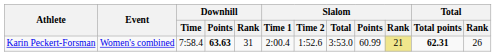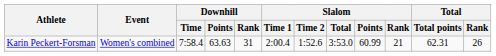 <table class="wikitable" style="font-size:90%">
 <tr>
 <th rowspan="2">Athlete</th>
 <th rowspan="2">Event</th>
 <th colspan="3">Downhill</th>
 <th colspan="5">Slalom</th>
 <th colspan="2">Total</th>
 </tr>
 <tr>
 <th>Time</th>
 <th>Points</th>
 <th>Rank</th>
 <th>Time 1</th>
 <th>Time 2</th>
 <th>Total</th>
 <th>Points</th>
 <th>Rank</th>
 <th>Total points</th>
 <th>Rank</th>
 </tr>
 <tr align="center">
 <td align="left"><a href='#'>Karin Peckert-Forsman</a></td>
 <td align="left"><a href='#'>Women's combined</a></td>
 <td>7:58.4</td>
-<td><strong>63.63</strong></td>
+<td>63.63</td>
 <td>31</td>
 <td>2:00.4</td>
 <td>1:52.6</td>
 <td>3:53.0</td>
 <td>60.99</td>
-<td style="background: khaki;">21</td>
-<td><strong>62.31</strong></td>
+<td>21</td>
+<td>62.31</td>
 <td>26</td>
 </tr>
 </table>
